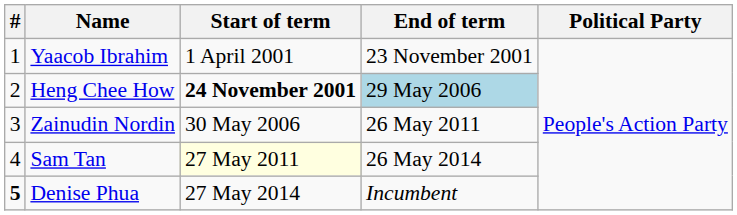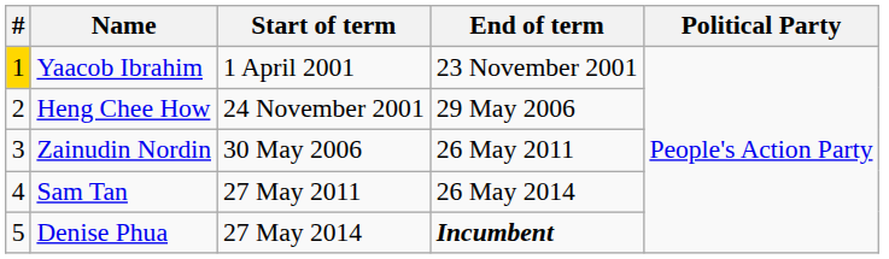 <table class="wikitable sortable">
 <tr>
 <th>#</th>
 <th>Name</th>
 <th>Start of term</th>
 <th>End of term</th>
 <th>Political Party</th>
 </tr>
 <tr>
-<td>1</td>
+<td style="background: gold;">1</td>
 <td><a href='#'>Yaacob Ibrahim</a></td>
 <td>1 April 2001</td>
 <td>23 November 2001</td>
 <td rowspan="5"><a href='#'>People's Action Party</a></td>
 </tr>
 <tr>
 <td>2</td>
 <td><a href='#'>Heng Chee How</a></td>
-<td><strong>24 November 2001</strong></td>
-<td style="background: lightblue;">29 May 2006</td>
+<td>24 November 2001</td>
+<td>29 May 2006</td>
 </tr>
 <tr>
 <td>3</td>
 <td><a href='#'>Zainudin Nordin</a></td>
 <td>30 May 2006</td>
 <td>26 May 2011</td>
 </tr>
 <tr>
 <td>4</td>
 <td><a href='#'>Sam Tan</a></td>
-<td style="background: lightyellow;">27 May 2011</td>
+<td>27 May 2011</td>
 <td>26 May 2014</td>
 </tr>
 <tr>
-<td><strong>5</strong></td>
+<td>5</td>
 <td><a href='#'>Denise Phua</a></td>
 <td>27 May 2014</td>
-<td><em>Incumbent</em></td>
+<td><strong><em>Incumbent</em></strong></td>
 </tr>
 </table>
